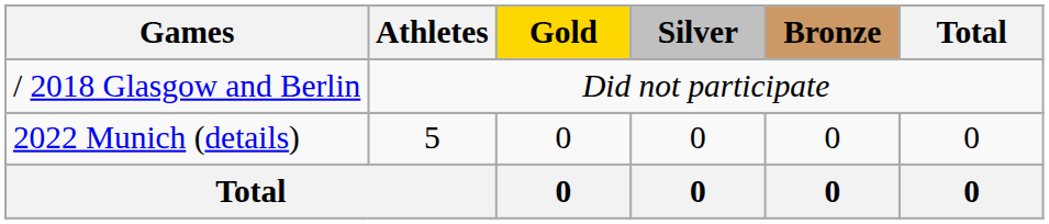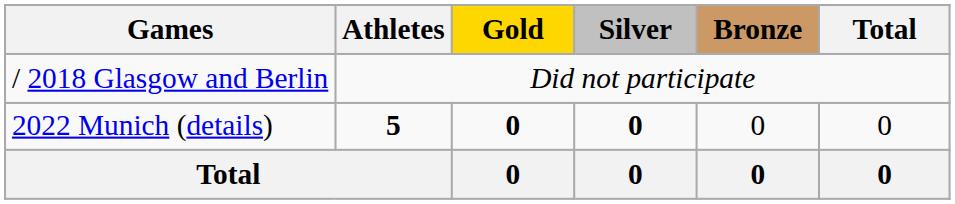 <table class="wikitable" style="text-align:center; font-size:90%;">
 <tr>
 <th>Games</th>
 <th>Athletes</th>
 <td style="background:gold; width:3.7em; font-weight:bold;">Gold</td>
 <td style="background:silver; width:3.7em; font-weight:bold;">Silver</td>
 <td style="background:#cc9966; width:3.7em; font-weight:bold;">Bronze</td>
 <th style="width:4em; font-weight:bold;">Total</th>
 </tr>
 <tr>
 <td align=left>/ <a href='#'>2018 Glasgow and Berlin</a></td>
 <td colspan=5><em>Did not participate</em></td>
 </tr>
 <tr>
 <td align=left> <a href='#'>2022 Munich</a> (<a href='#'>details</a>)</td>
-<td>5</td>
-<td>0</td>
-<td>0</td>
+<td><strong>5</strong></td>
+<td><strong>0</strong></td>
+<td><strong>0</strong></td>
 <td>0</td>
 <td>0</td>
 </tr>
 <tr>
 <th colspan=2>Total</th>
 <th>0</th>
 <th>0</th>
 <th>0</th>
 <th>0</th>
 </tr>
 </table>
